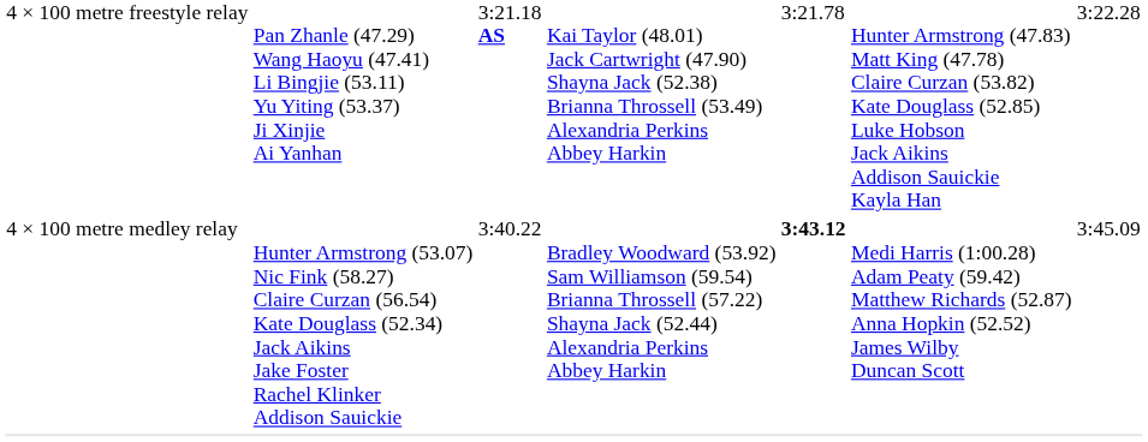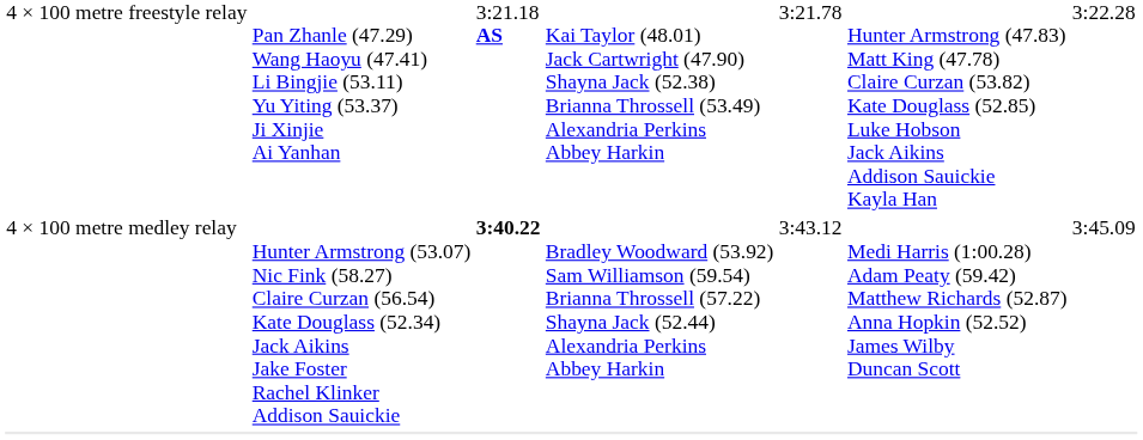 <table>
 <tr valign="top">
 <td>4 × 100 metre freestyle relay<br></td>
 <td><br><a href='#'>Pan Zhanle</a> (47.29)<br><a href='#'>Wang Haoyu</a> (47.41)<br><a href='#'>Li Bingjie</a> (53.11)<br><a href='#'>Yu Yiting</a> (53.37)<br><a href='#'>Ji Xinjie</a><br><a href='#'>Ai Yanhan</a></td>
 <td>3:21.18<br><strong><a href='#'>AS</a></strong></td>
 <td><br><a href='#'>Kai Taylor</a> (48.01)<br><a href='#'>Jack Cartwright</a> (47.90)<br><a href='#'>Shayna Jack</a> (52.38)<br><a href='#'>Brianna Throssell</a> (53.49)<br><a href='#'>Alexandria Perkins</a><br><a href='#'>Abbey Harkin</a></td>
 <td>3:21.78</td>
 <td><br><a href='#'>Hunter Armstrong</a> (47.83)<br><a href='#'>Matt King</a> (47.78)<br><a href='#'>Claire Curzan</a> (53.82)<br><a href='#'>Kate Douglass</a> (52.85)<br><a href='#'>Luke Hobson</a><br><a href='#'>Jack Aikins</a><br><a href='#'>Addison Sauickie</a><br><a href='#'>Kayla Han</a></td>
 <td>3:22.28</td>
 </tr>
 <tr valign="top">
 <td>4 × 100 metre medley relay<br></td>
 <td><br><a href='#'>Hunter Armstrong</a> (53.07)<br><a href='#'>Nic Fink</a> (58.27)<br><a href='#'>Claire Curzan</a> (56.54)<br><a href='#'>Kate Douglass</a> (52.34)<br><a href='#'>Jack Aikins</a><br><a href='#'>Jake Foster</a><br><a href='#'>Rachel Klinker</a><br><a href='#'>Addison Sauickie</a></td>
-<td>3:40.22</td>
+<td><strong>3:40.22</strong></td>
 <td><br><a href='#'>Bradley Woodward</a> (53.92)<br><a href='#'>Sam Williamson</a> (59.54)<br><a href='#'>Brianna Throssell</a> (57.22)<br><a href='#'>Shayna Jack</a> (52.44)<br><a href='#'>Alexandria Perkins</a><br><a href='#'>Abbey Harkin</a></td>
-<td><strong>3:43.12</strong></td>
+<td>3:43.12</td>
 <td><br><a href='#'>Medi Harris</a> (1:00.28)<br><a href='#'>Adam Peaty</a> (59.42)<br><a href='#'>Matthew Richards</a> (52.87)<br><a href='#'>Anna Hopkin</a> (52.52)<br><a href='#'>James Wilby</a><br><a href='#'>Duncan Scott</a></td>
 <td>3:45.09</td>
 </tr>
 <tr bgcolor= e8e8e8>
 <td colspan=7></td>
 </tr>
 </table>
